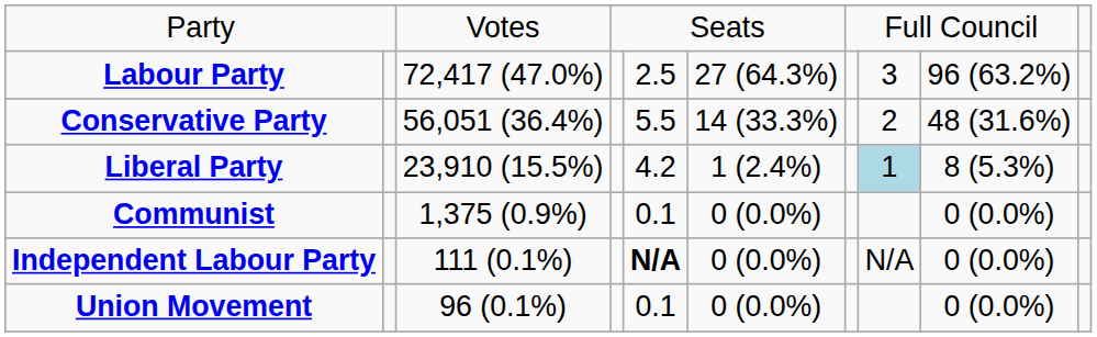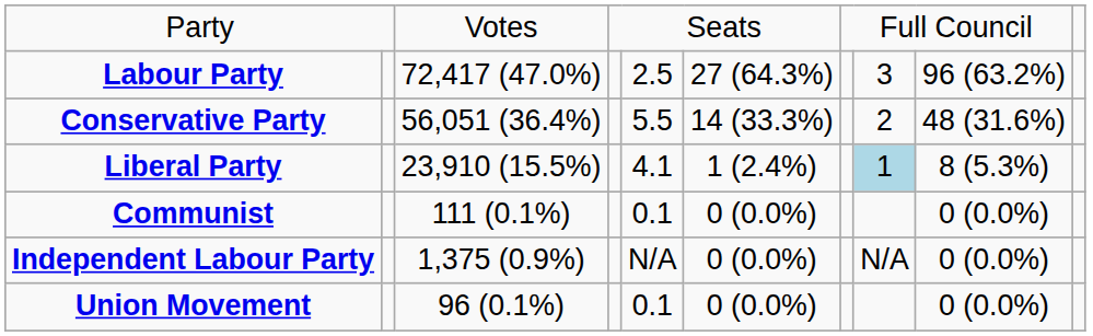 <table class=wikitable style="text-align:center;">
 <tr>
 <td colspan=2>Party</td>
 <td colspa1475n=3>Votes</td>
 <td colspan=3>Seats</td>
 <td colspan=3>Full Council</td>
 </tr>
 <tr>
 <td><strong><a href='#'>Labour Party</a></strong></td>
 <td style="background:"></td>
 <td>72,417 (47.0%)</td>
 <td></td>
 <td> 2.5</td>
 <td>27 (64.3%)</td>
 <td></td>
 <td> 3</td>
 <td>96 (63.2%)</td>
 <td></td>
 </tr>
 <tr>
 <td><strong><a href='#'>Conservative Party</a></strong></td>
 <td style="background:"></td>
 <td>56,051 (36.4%)</td>
 <td></td>
 <td> 5.5</td>
 <td>14 (33.3%)</td>
 <td></td>
 <td> 2</td>
 <td>48 (31.6%)</td>
 <td></td>
 </tr>
 <tr>
 <td><strong><a href='#'>Liberal Party</a></strong></td>
 <td style="background:"></td>
 <td>23,910 (15.5%)</td>
 <td></td>
-<td> 4.2</td>
+<td> 4.1</td>
 <td>1 (2.4%)</td>
 <td></td>
 <td style="background: lightblue;"> 1</td>
 <td>8 (5.3%)</td>
 <td></td>
 </tr>
 <tr>
 <td><strong><a href='#'>Communist</a></strong></td>
 <td style="background:"></td>
-<td>1,375 (0.9%)</td>
+<td>111 (0.1%)</td>
 <td></td>
 <td> 0.1</td>
 <td>0 (0.0%)</td>
 <td></td>
 <td></td>
 <td>0 (0.0%)</td>
 <td></td>
 </tr>
 <tr>
 <td><strong><a href='#'>Independent Labour Party</a></strong></td>
 <td style="background:"></td>
-<td>111 (0.1%)</td>
+<td>1,375 (0.9%)</td>
 <td></td>
-<td><strong>N/A</strong></td>
+<td>N/A</td>
 <td>0 (0.0%)</td>
 <td></td>
 <td>N/A</td>
 <td>0 (0.0%)</td>
 <td></td>
 </tr>
 <tr>
 <td><strong><a href='#'>Union Movement</a></strong></td>
 <td style="background:"></td>
 <td>96 (0.1%)</td>
 <td></td>
 <td> 0.1</td>
 <td>0 (0.0%)</td>
 <td></td>
 <td></td>
 <td>0 (0.0%)</td>
 <td></td>
 </tr>
 </table>
